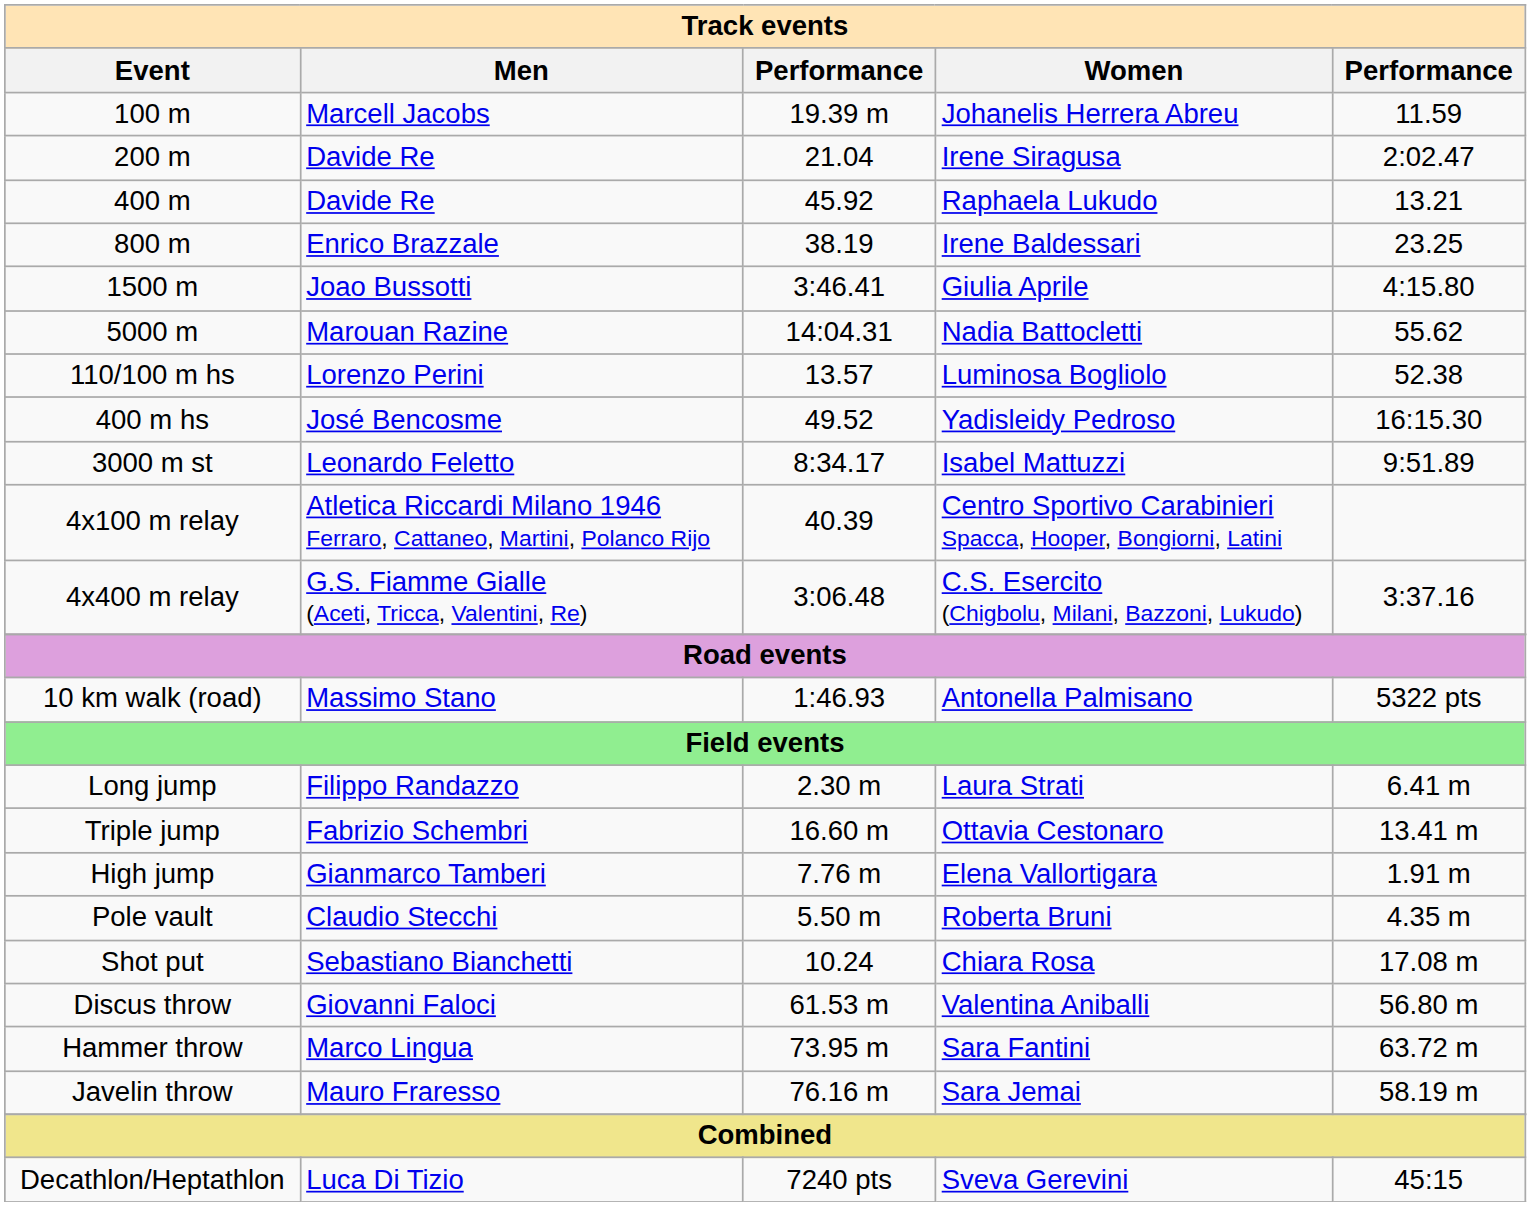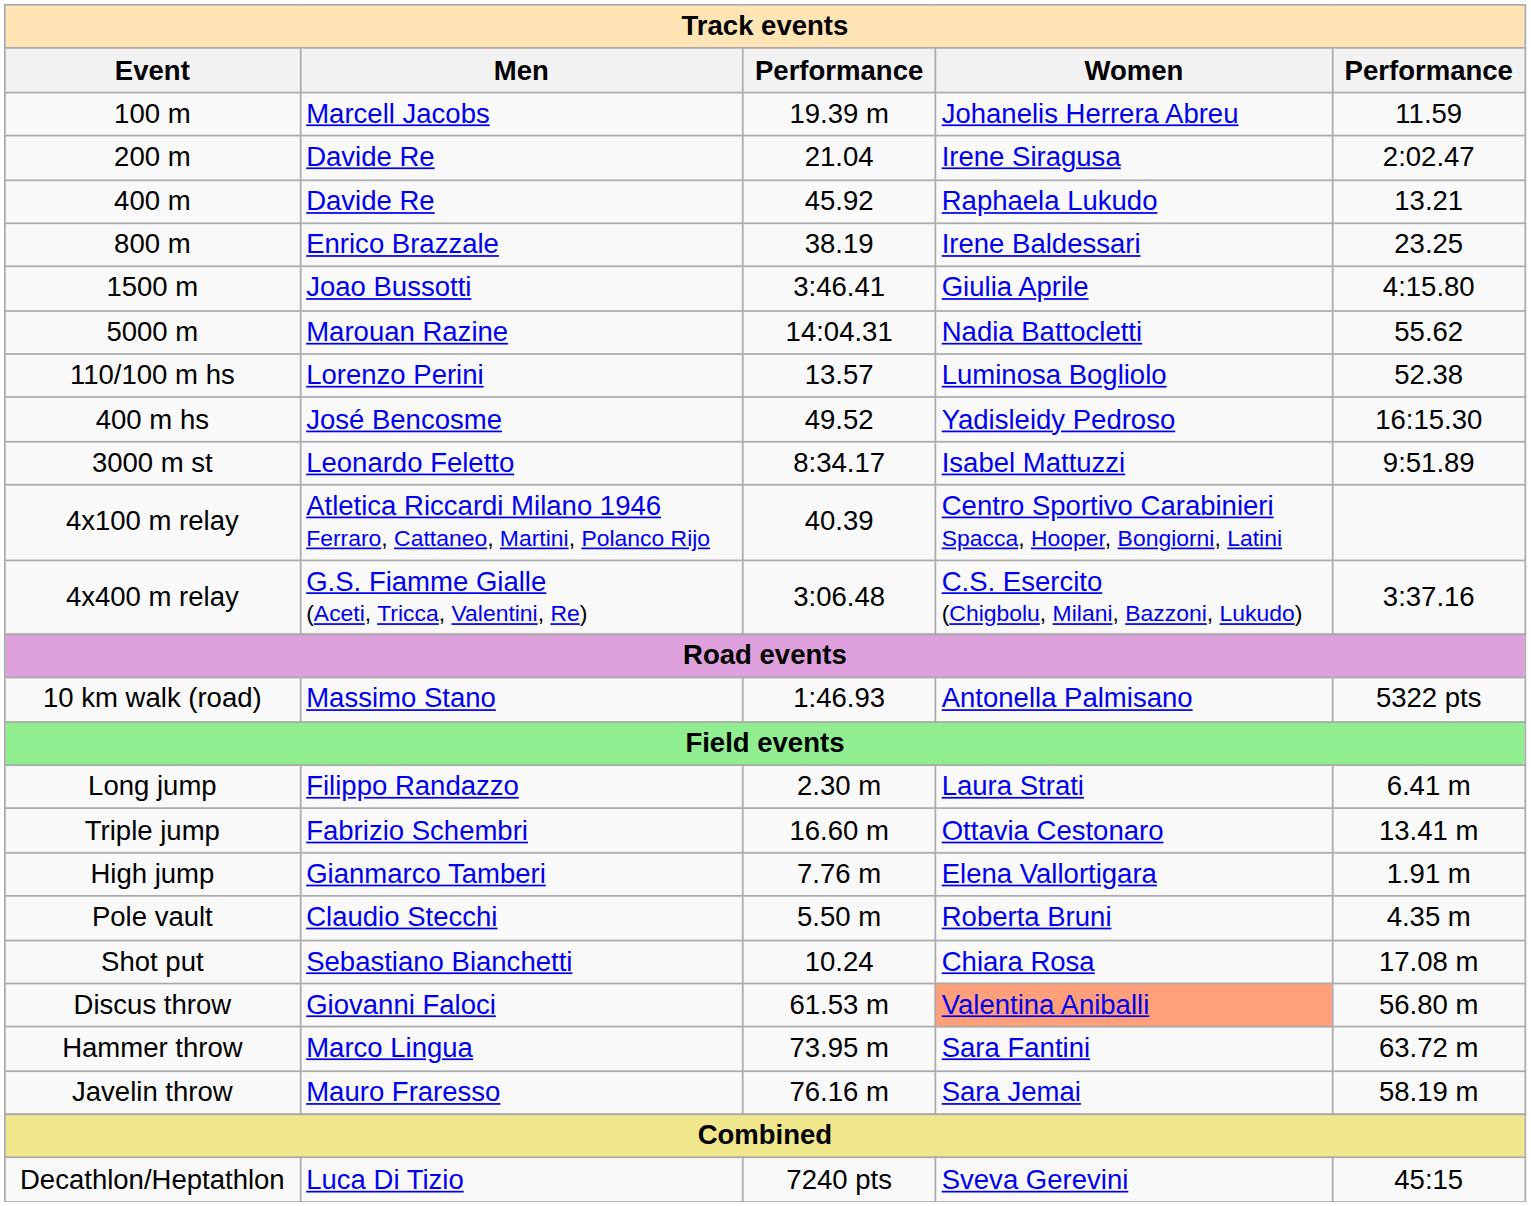 <table class="wikitable" width=70% style="font-size:100%; text-align:center;">
 <tr bgcolor=moccasin>
 <td align=center colspan=5><strong>Track events</strong></td>
 </tr>
 <tr>
 <th>Event</th>
 <th>Men</th>
 <th>Performance</th>
 <th>Women</th>
 <th>Performance</th>
 </tr>
 <tr>
 <td>100 m</td>
 <td align=left><a href='#'>Marcell Jacobs</a></td>
 <td>19.39 m</td>
 <td align=left><a href='#'>Johanelis Herrera Abreu</a></td>
 <td>11.59</td>
 </tr>
 <tr>
 <td>200 m</td>
 <td align=left><a href='#'>Davide Re</a></td>
 <td>21.04</td>
 <td align=left><a href='#'>Irene Siragusa</a></td>
 <td>2:02.47</td>
 </tr>
 <tr>
 <td>400 m</td>
 <td align=left><a href='#'>Davide Re</a></td>
 <td>45.92</td>
 <td align=left><a href='#'>Raphaela Lukudo</a></td>
 <td>13.21</td>
 </tr>
 <tr>
 <td>800 m</td>
 <td align=left><a href='#'>Enrico Brazzale</a></td>
 <td>38.19 </td>
 <td align=left><a href='#'>Irene Baldessari</a></td>
 <td>23.25</td>
 </tr>
 <tr>
 <td>1500 m</td>
 <td align=left><a href='#'>Joao Bussotti</a></td>
 <td>3:46.41</td>
 <td align=left><a href='#'>Giulia Aprile</a></td>
 <td>4:15.80 </td>
 </tr>
 <tr>
 <td>5000 m</td>
 <td align=left><a href='#'>Marouan Razine</a></td>
 <td>14:04.31</td>
 <td align=left><a href='#'>Nadia Battocletti</a></td>
 <td>55.62</td>
 </tr>
 <tr>
 <td>110/100 m hs</td>
 <td align=left><a href='#'>Lorenzo Perini</a></td>
 <td>13.57</td>
 <td align=left><a href='#'>Luminosa Bogliolo</a></td>
 <td>52.38 </td>
 </tr>
 <tr>
 <td>400 m hs</td>
 <td align=left><a href='#'>José Bencosme</a></td>
 <td>49.52 </td>
 <td align=left><a href='#'>Yadisleidy Pedroso</a></td>
 <td>16:15.30 </td>
 </tr>
 <tr>
 <td>3000 m st</td>
 <td align=left><a href='#'>Leonardo Feletto</a></td>
 <td>8:34.17 </td>
 <td align=left><a href='#'>Isabel Mattuzzi</a></td>
 <td>9:51.89</td>
 </tr>
 <tr>
 <td>4x100 m relay</td>
 <td align=left><a href='#'>Atletica Riccardi Milano 1946</a><br><small><a href='#'>Ferraro</a>, <a href='#'>Cattaneo</a>, <a href='#'>Martini</a>, <a href='#'>Polanco Rijo</a> </small></td>
 <td>40.39</td>
 <td align=left><a href='#'>Centro Sportivo Carabinieri</a> <br><small><a href='#'>Spacca</a>, <a href='#'>Hooper</a>, <a href='#'>Bongiorni</a>, <a href='#'>Latini</a></small></td>
 <td></td>
 </tr>
 <tr>
 <td>4x400 m relay</td>
 <td align=left><a href='#'>G.S. Fiamme Gialle</a> <br><small>(<a href='#'>Aceti</a>, <a href='#'>Tricca</a>, <a href='#'>Valentini</a>, <a href='#'>Re</a>)</small></td>
 <td>3:06.48</td>
 <td align=left><a href='#'>C.S. Esercito</a> <br><small>(<a href='#'>Chigbolu</a>, <a href='#'>Milani</a>, <a href='#'>Bazzoni</a>, <a href='#'>Lukudo</a>)</small></td>
 <td>3:37.16</td>
 </tr>
 <tr>
 </tr>
 <tr bgcolor=plum>
 <td align=center colspan=5><strong>Road events</strong></td>
 </tr>
 <tr>
 <td>10 km walk (road)</td>
 <td align=left><a href='#'>Massimo Stano</a></td>
 <td>1:46.93</td>
 <td align=left><a href='#'>Antonella Palmisano</a></td>
 <td>5322 pts</td>
 </tr>
 <tr bgcolor=lightgreen>
 <td align=center colspan=5><strong>Field events</strong></td>
 </tr>
 <tr>
 <td>Long jump</td>
 <td align=left><a href='#'>Filippo Randazzo</a></td>
 <td>2.30 m</td>
 <td align=left><a href='#'>Laura Strati</a></td>
 <td>6.41 m</td>
 </tr>
 <tr>
 <td>Triple jump</td>
 <td align=left><a href='#'>Fabrizio Schembri</a></td>
 <td>16.60 m </td>
 <td align=left><a href='#'>Ottavia Cestonaro</a></td>
 <td>13.41 m</td>
 </tr>
 <tr>
 <td>High jump</td>
 <td align=left><a href='#'>Gianmarco Tamberi</a></td>
 <td>7.76 m</td>
 <td align=left><a href='#'>Elena Vallortigara</a></td>
 <td>1.91 m</td>
 </tr>
 <tr>
 <td>Pole vault</td>
 <td align=left><a href='#'>Claudio Stecchi</a></td>
 <td>5.50 m</td>
 <td align=left><a href='#'>Roberta Bruni</a></td>
 <td>4.35 m</td>
 </tr>
 <tr>
 <td>Shot put</td>
 <td align=left><a href='#'>Sebastiano Bianchetti</a></td>
 <td>10.24</td>
 <td align=left><a href='#'>Chiara Rosa</a></td>
 <td>17.08 m </td>
 </tr>
 <tr>
 <td>Discus throw</td>
 <td align=left><a href='#'>Giovanni Faloci</a></td>
 <td>61.53 m</td>
-<td align=left><a href='#'>Valentina Aniballi</a></td>
+<td align=left style="background: lightsalmon;"><a href='#'>Valentina Aniballi</a></td>
 <td>56.80 m</td>
 </tr>
 <tr>
 <td>Hammer throw</td>
 <td align=left><a href='#'>Marco Lingua</a></td>
 <td>73.95 m</td>
 <td align=left><a href='#'>Sara Fantini</a></td>
 <td>63.72 m</td>
 </tr>
 <tr>
 <td>Javelin throw</td>
 <td align=left><a href='#'>Mauro Fraresso</a></td>
 <td>76.16 m</td>
 <td align=left><a href='#'>Sara Jemai</a></td>
 <td>58.19 m </td>
 </tr>
 <tr>
 </tr>
 <tr bgcolor=khaki>
 <td align=center colspan=5><strong>Combined</strong></td>
 </tr>
 <tr>
 <td>Decathlon/Heptathlon</td>
 <td align=left><a href='#'>Luca Di Tizio</a></td>
 <td>7240 pts</td>
 <td align=left><a href='#'>Sveva Gerevini</a></td>
 <td>45:15</td>
 </tr>
 </table>
